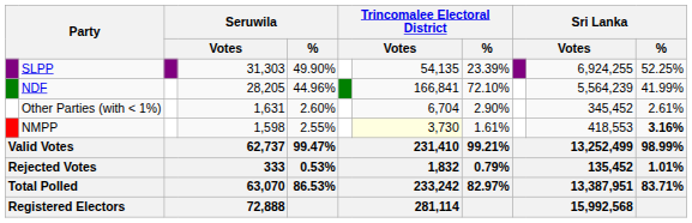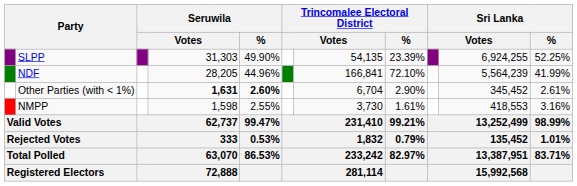 <table class="wikitable">
 <tr>
 <th colspan="2" width="144px"rowspan="2">Party</th>
 <th colspan="3" width="216px">Seruwila</th>
 <th colspan="3" width="216px"><a href='#'>Trincomalee Electoral District</a></th>
 <th colspan="3" width="216px">Sri Lanka</th>
 </tr>
 <tr>
 <th colspan="2" width="144px">Votes</th>
 <th>%</th>
 <th colspan="2" width="144px">Votes</th>
 <th>%</th>
 <th colspan="2" width="144px">Votes</th>
 <th>%</th>
 </tr>
 <tr>
 <td style="background-color:purple;" width="10px"></td>
 <td style="text-align:left;"><a href='#'>SLPP</a></td>
 <td style="background-color:purple;" width="10px"></td>
 <td style="text-align:right;">31,303</td>
 <td style="text-align:right;">49.90%</td>
 <td style="background-color:white;" width="10px"></td>
 <td style="text-align:right;">54,135</td>
 <td style="text-align:right;">23.39%</td>
 <td style="background-color:purple;" width="10px"></td>
 <td style="text-align:right;">6,924,255</td>
 <td style="text-align:right;">52.25%</td>
 </tr>
 <tr>
 <td style="background-color:green;" width="10px"></td>
 <td style="text-align:left;"><a href='#'>NDF</a></td>
 <td style="background-color:white;" width="10px"></td>
 <td style="text-align:right;">28,205</td>
 <td style="text-align:right;">44.96%</td>
 <td style="background-color:green;" width="10px"></td>
 <td style="text-align:right;">166,841</td>
 <td style="text-align:right;">72.10%</td>
 <td style="background-color:white;" width="10px"></td>
 <td style="text-align:right;">5,564,239</td>
 <td style="text-align:right;">41.99%</td>
 </tr>
 <tr>
 <td style="background-color:white;" width="10px"></td>
 <td style="text-align:left;">Other Parties (with < 1%)</td>
 <td style="background-color:white;" width="10px"></td>
-<td style="text-align:right;">1,631</td>
-<td style="text-align:right;">2.60%</td>
+<td style="text-align:right;"><strong>1,631</strong></td>
+<td style="text-align:right;"><strong>2.60%</strong></td>
 <td style="background-color:white;" width="10px"></td>
 <td style="text-align:right;">6,704</td>
 <td style="text-align:right;">2.90%</td>
 <td style="background-color:white;" width="10px"></td>
 <td style="text-align:right;">345,452</td>
 <td style="text-align:right;">2.61%</td>
 </tr>
 <tr>
 <td style="background-color:red;" width="10px"></td>
 <td style="text-align:left;">NMPP</td>
 <td style="background-color:white;" width="10px"></td>
 <td style="text-align:right;">1,598</td>
 <td style="text-align:right;">2.55%</td>
 <td style="background-color:white;" width="10px"></td>
-<td style="background: lightyellow; text-align:right;">3,730</td>
+<td style="text-align:right;">3,730</td>
 <td style="text-align:right;">1.61%</td>
 <td style="background-color:white;" width="10px"></td>
 <td style="text-align:right;">418,553</td>
-<td style="text-align:right;"><strong>3.16%</strong></td>
+<td style="text-align:right;">3.16%</td>
 </tr>
 <tr>
 <th colspan="2" width="144px"style="text-align:left;">Valid Votes</th>
 <th style="text-align:right;"colspan="2" width="144px">62,737</th>
 <th style="text-align:right;">99.47%</th>
 <th style="text-align:right;"colspan="2" width="144px">231,410</th>
 <th style="text-align:right;">99.21%</th>
 <th style="text-align:right;"colspan="2" width="144px">13,252,499</th>
 <th style="text-align:right;">98.99%</th>
 </tr>
 <tr>
 <th colspan="2" width="144px"style="text-align:left;">Rejected Votes</th>
 <th style="text-align:right;"colspan="2" width="144px">333</th>
 <th style="text-align:right;">0.53%</th>
 <th style="text-align:right;"colspan="2" width="144px">1,832</th>
 <th style="text-align:right;">0.79%</th>
 <th style="text-align:right;"colspan="2" width="144px">135,452</th>
 <th style="text-align:right;">1.01%</th>
 </tr>
 <tr>
 <th colspan="2" width="144px"style="text-align:left;">Total Polled</th>
 <th style="text-align:right;"colspan="2" width="144px">63,070</th>
 <th style="text-align:right;">86.53%</th>
 <th style="text-align:right;"colspan="2" width="144px">233,242</th>
 <th style="text-align:right;">82.97%</th>
 <th style="text-align:right;"colspan="2" width="144px">13,387,951</th>
 <th style="text-align:right;">83.71%</th>
 </tr>
 <tr>
 <th colspan="2" width="144px"style="text-align:left;">Registered Electors</th>
 <th style="text-align:right;"colspan="2" width="144px">72,888</th>
 <th></th>
 <th style="text-align:right;"colspan="2" width="144px">281,114</th>
 <th></th>
 <th style="text-align:right;"colspan="2" width="144px">15,992,568</th>
 <th></th>
 </tr>
 </table>
